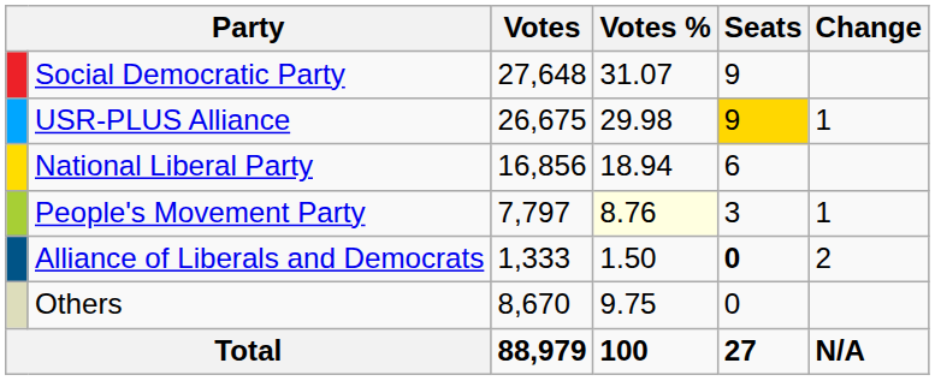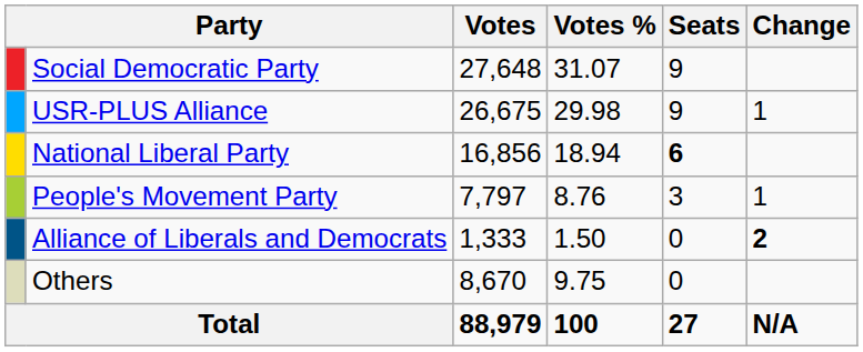 <table class="wikitable">
 <tr>
 <th colspan="2">Party</th>
 <th>Votes</th>
 <th>Votes %</th>
 <th>Seats</th>
 <th>Change</th>
 </tr>
 <tr>
 <td style="background:#ed2128;" width="5"></td>
 <td><a href='#'>Social Democratic Party</a></td>
 <td>27,648</td>
 <td>31.07</td>
 <td>9</td>
 <td></td>
 </tr>
 <tr>
 <td style="background:#00a6ff;" width="5"></td>
 <td><a href='#'>USR-PLUS Alliance</a></td>
 <td>26,675</td>
 <td>29.98</td>
-<td style="background: gold;">9</td>
+<td>9</td>
 <td>1</td>
 </tr>
 <tr>
 <td style="background:#ffdd00;" width="5"></td>
 <td><a href='#'>National Liberal Party</a></td>
 <td>16,856</td>
 <td>18.94</td>
-<td>6</td>
+<td><strong>6</strong></td>
 <td></td>
 </tr>
 <tr>
 <td style="background:#a7cf35;" width="5"></td>
 <td><a href='#'>People's Movement Party</a></td>
 <td>7,797</td>
-<td style="background: lightyellow;">8.76</td>
+<td>8.76</td>
 <td>3</td>
 <td>1</td>
 </tr>
 <tr>
 <td style="background:#005487;" width="5"></td>
 <td><a href='#'>Alliance of Liberals and Democrats</a></td>
 <td>1,333</td>
 <td>1.50</td>
-<td><strong>0</strong></td>
-<td>2</td>
+<td>0</td>
+<td><strong>2</strong></td>
 </tr>
 <tr>
 <td style="background:#ddddbb;" width="5"></td>
 <td>Others</td>
 <td>8,670</td>
 <td>9.75</td>
 <td>0</td>
 <td></td>
 </tr>
 <tr>
 <th colspan="2">Total</th>
 <td><strong>88,979</strong></td>
 <td><strong>100</strong></td>
 <td><strong>27</strong></td>
 <td><strong>N/A</strong></td>
 </tr>
 </table>
